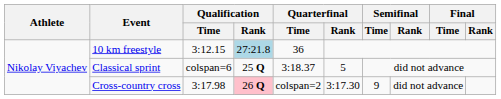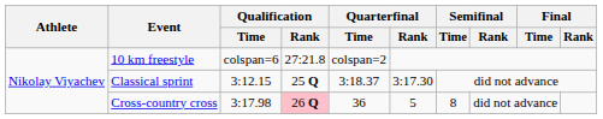 <table class="wikitable" style="font-size:90%">
 <tr>
 <th rowspan="2">Athlete</th>
 <th rowspan="2">Event</th>
 <th colspan="2">Qualification</th>
 <th colspan="2">Quarterfinal</th>
 <th colspan="2">Semifinal</th>
 <th colspan="2">Final</th>
 </tr>
 <tr style="font-size:95%">
 <th>Time</th>
 <th>Rank</th>
 <th>Time</th>
 <th>Rank</th>
 <th>Time</th>
 <th>Rank</th>
 <th>Time</th>
 <th>Rank</th>
 </tr>
 <tr align=center>
 <td align=left rowspan=3><a href='#'>Nikolay Viyachev</a></td>
 <td align=left><a href='#'>10 km freestyle</a></td>
-<td>3:12.15</td>
-<td style="background: lightblue;">27:21.8</td>
-<td>36</td>
+<td>colspan=6 </td>
+<td>27:21.8</td>
+<td>colspan=2 </td>
 </tr>
 <tr align=center>
 <td align=left><a href='#'>Classical sprint</a></td>
-<td>colspan=6 </td>
+<td>3:12.15</td>
 <td>25 <strong>Q</strong></td>
 <td>3:18.37</td>
-<td>5</td>
+<td>3:17.30</td>
 <td colspan=4>did not advance</td>
 </tr>
 <tr align=center>
 <td align=left><a href='#'>Cross-country cross</a></td>
 <td>3:17.98</td>
 <td style="background: pink;">26 <strong>Q</strong></td>
-<td>colspan=2 </td>
-<td>3:17.30</td>
-<td>9</td>
+<td>36</td>
+<td>5</td>
+<td>8</td>
 <td colspan=2>did not advance</td>
 </tr>
 </table>
